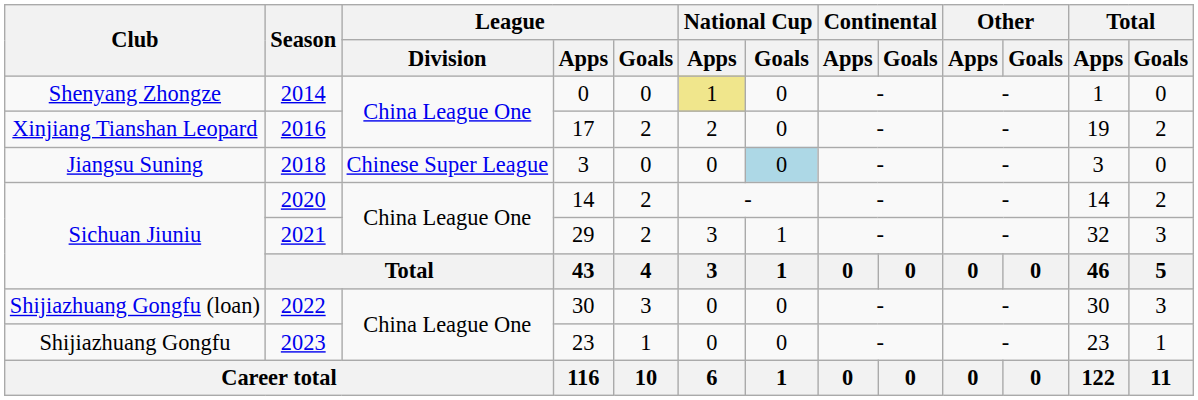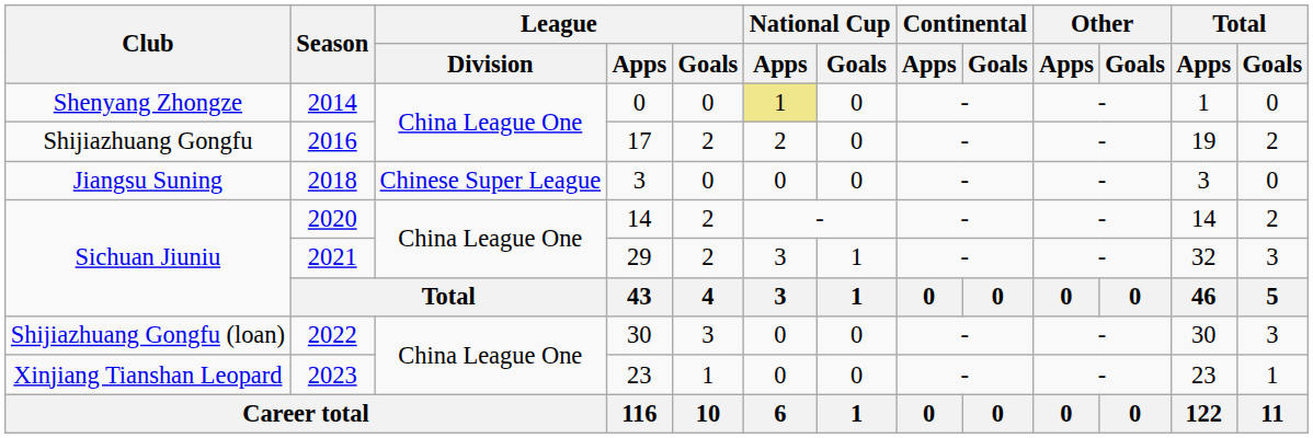 <table class="wikitable" style="text-align: center">
 <tr>
 <th rowspan="2">Club</th>
 <th rowspan="2">Season</th>
 <th colspan="3">League</th>
 <th colspan="2">National Cup</th>
 <th colspan="2">Continental</th>
 <th colspan="2">Other</th>
 <th colspan="2">Total</th>
 </tr>
 <tr>
 <th>Division</th>
 <th>Apps</th>
 <th>Goals</th>
 <th>Apps</th>
 <th>Goals</th>
 <th>Apps</th>
 <th>Goals</th>
 <th>Apps</th>
 <th>Goals</th>
 <th>Apps</th>
 <th>Goals</th>
 </tr>
 <tr>
 <td><a href='#'>Shenyang Zhongze</a></td>
 <td><a href='#'>2014</a></td>
 <td rowspan="2"><a href='#'>China League One</a></td>
 <td>0</td>
 <td>0</td>
 <td style="background: khaki;">1</td>
 <td>0</td>
 <td colspan="2">-</td>
 <td colspan="2">-</td>
 <td>1</td>
 <td>0</td>
 </tr>
 <tr>
-<td><a href='#'>Xinjiang Tianshan Leopard</a></td>
+<td>Shijiazhuang Gongfu</td>
 <td><a href='#'>2016</a></td>
 <td>17</td>
 <td>2</td>
 <td>2</td>
 <td>0</td>
 <td colspan="2">-</td>
 <td colspan="2">-</td>
 <td>19</td>
 <td>2</td>
 </tr>
 <tr>
 <td><a href='#'>Jiangsu Suning</a></td>
 <td><a href='#'>2018</a></td>
 <td><a href='#'>Chinese Super League</a></td>
 <td>3</td>
 <td>0</td>
 <td>0</td>
-<td style="background: lightblue;">0</td>
+<td>0</td>
 <td colspan="2">-</td>
 <td colspan="2">-</td>
 <td>3</td>
 <td>0</td>
 </tr>
 <tr>
 <td rowspan="3"><a href='#'>Sichuan Jiuniu</a></td>
 <td><a href='#'>2020</a></td>
 <td rowspan="2">China League One</td>
 <td>14</td>
 <td>2</td>
 <td colspan="2">-</td>
 <td colspan="2">-</td>
 <td colspan="2">-</td>
 <td>14</td>
 <td>2</td>
 </tr>
 <tr>
 <td><a href='#'>2021</a></td>
 <td>29</td>
 <td>2</td>
 <td>3</td>
 <td>1</td>
 <td colspan="2">-</td>
 <td colspan="2">-</td>
 <td>32</td>
 <td>3</td>
 </tr>
 <tr>
 <th colspan=2>Total</th>
 <th>43</th>
 <th>4</th>
 <th>3</th>
 <th>1</th>
 <th>0</th>
 <th>0</th>
 <th>0</th>
 <th>0</th>
 <th>46</th>
 <th>5</th>
 </tr>
 <tr>
 <td><a href='#'>Shijiazhuang Gongfu</a> (loan)</td>
 <td><a href='#'>2022</a></td>
 <td rowspan="2">China League One</td>
 <td>30</td>
 <td>3</td>
 <td>0</td>
 <td>0</td>
 <td colspan="2">-</td>
 <td colspan="2">-</td>
 <td>30</td>
 <td>3</td>
 </tr>
 <tr>
-<td>Shijiazhuang Gongfu</td>
+<td><a href='#'>Xinjiang Tianshan Leopard</a></td>
 <td><a href='#'>2023</a></td>
 <td>23</td>
 <td>1</td>
 <td>0</td>
 <td>0</td>
 <td colspan="2">-</td>
 <td colspan="2">-</td>
 <td>23</td>
 <td>1</td>
 </tr>
 <tr>
 <th colspan=3>Career total</th>
 <th>116</th>
 <th>10</th>
 <th>6</th>
 <th>1</th>
 <th>0</th>
 <th>0</th>
 <th>0</th>
 <th>0</th>
 <th>122</th>
 <th>11</th>
 </tr>
 </table>
